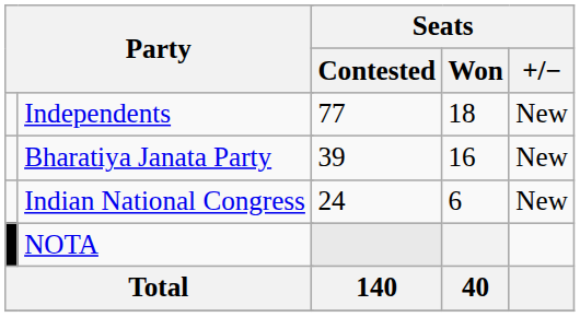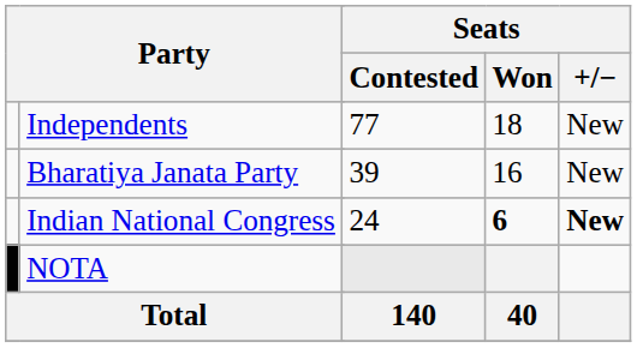 <table class="wikitable">
 <tr>
 <th colspan="4" rowspan="2">Party</th>
 <th colspan="3">Seats</th>
 </tr>
 <tr>
 <th>Contested</th>
 <th>Won</th>
 <th><strong>+/−</strong></th>
 </tr>
 <tr>
 <td></td>
 <td colspan="3"><a href='#'>Independents</a></td>
 <td>77</td>
 <td>18</td>
 <td>New</td>
 </tr>
 <tr>
 <td></td>
 <td colspan="3"><a href='#'>Bharatiya Janata Party</a></td>
 <td>39</td>
 <td>16</td>
 <td>New</td>
 </tr>
 <tr>
 <td></td>
 <td colspan="3"><a href='#'>Indian National Congress</a></td>
 <td>24</td>
-<td>6</td>
-<td>New</td>
+<td><strong>6</strong></td>
+<td><strong>New</strong></td>
 </tr>
 <tr>
 <td style="background:Black; color:White"></td>
 <td colspan="3"><a href='#'>NOTA</a></td>
 <th style="background-color:#E9E9E9"></th>
 <th></th>
 <td></td>
 </tr>
 <tr>
 <th colspan="4">Total</th>
 <th>140</th>
 <th>40</th>
 <th></th>
 </tr>
 <tr>
 </tr>
 </table>
